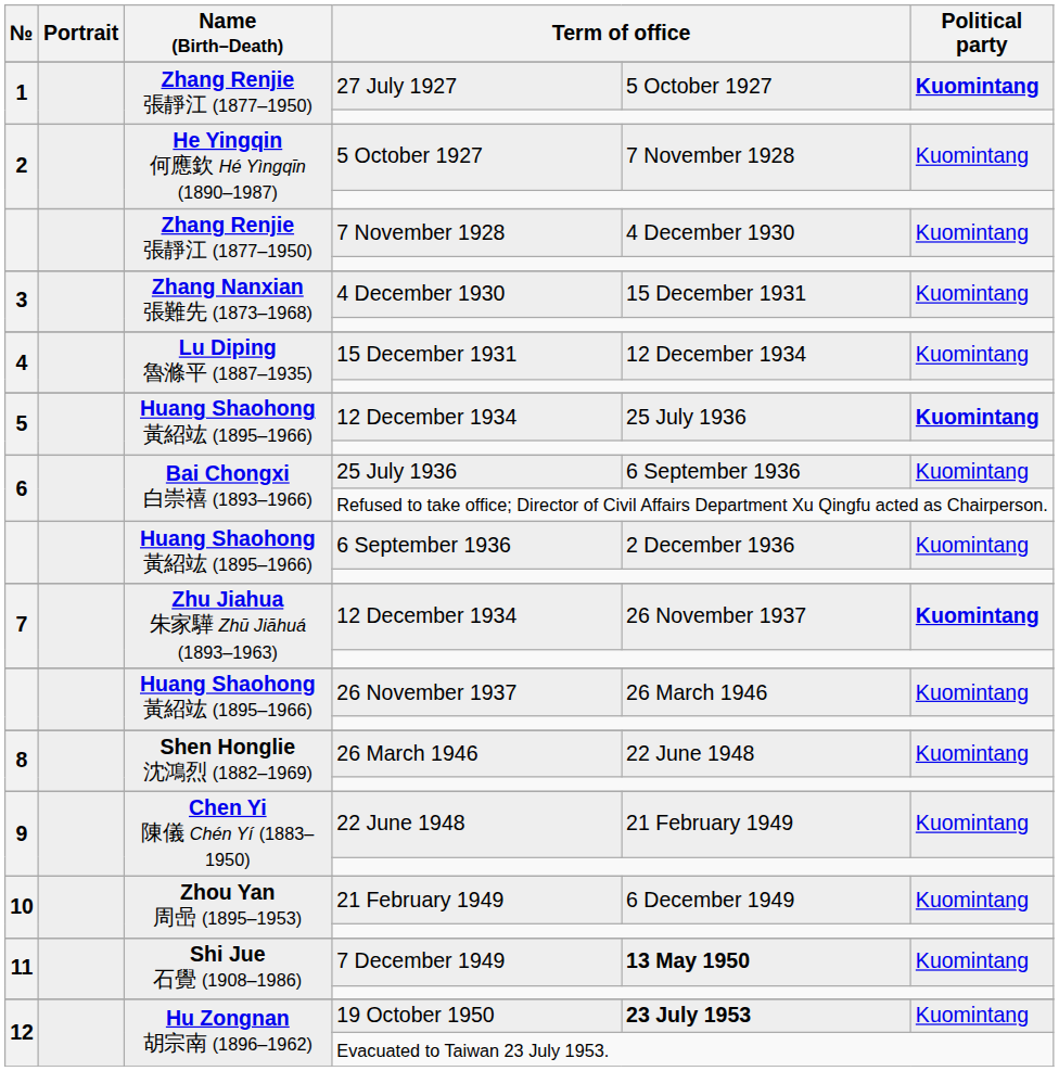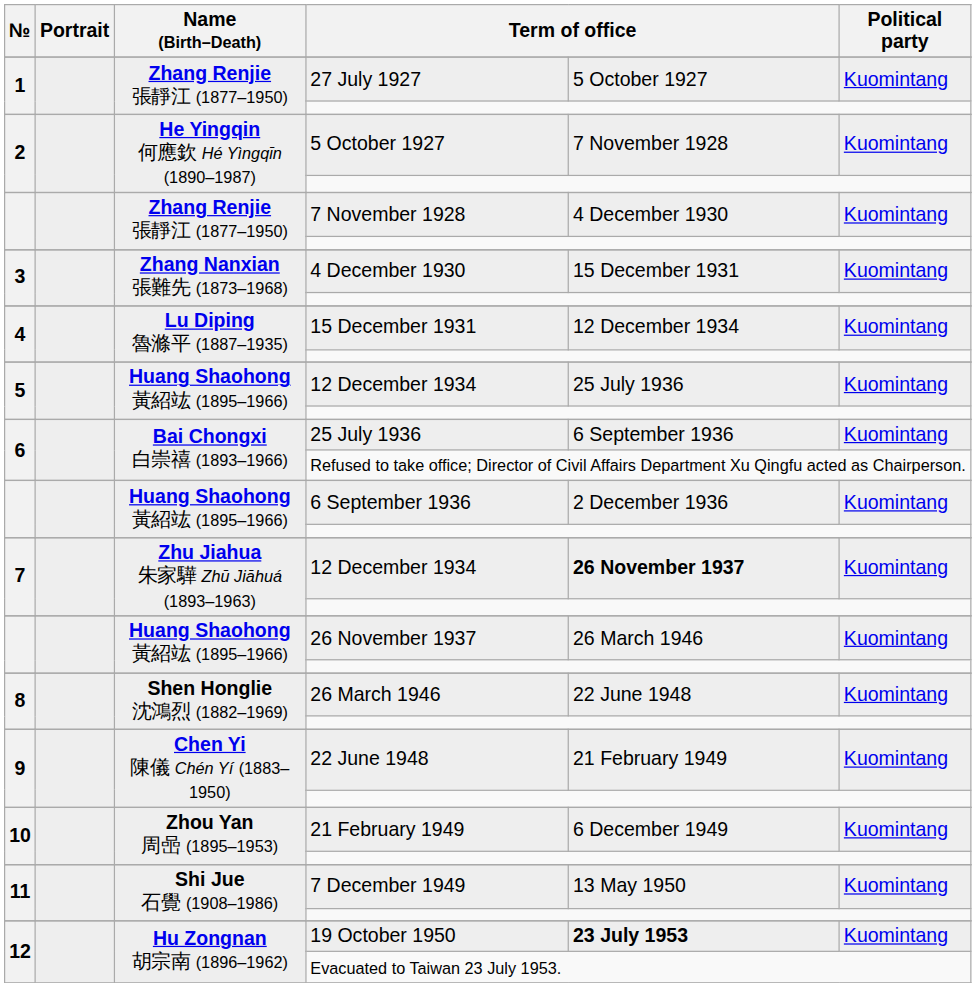 <table class="wikitable">
 <tr>
 <th>№</th>
 <th>Portrait</th>
 <th width="150px">Name<br><small>(Birth–Death)</small></th>
 <th colspan="2" width="200px">Term of office</th>
 <th width="100px">Political party</th>
 </tr>
 <tr>
 </tr>
 <tr bgcolor="#EEEEEE">
 <th rowspan="2" style="background:">1</th>
 <td rowspan="2" align="center"></td>
 <td rowspan="2" align="center"><strong><a href='#'>Zhang Renjie</a></strong><br><span>張靜江</span> <small>(1877–1950)</small></td>
 <td>27 July 1927</td>
 <td>5 October 1927</td>
-<td><strong><a href='#'>Kuomintang</a></strong></td>
+<td><a href='#'>Kuomintang</a></td>
 </tr>
 <tr>
 <td colspan="4"></td>
 </tr>
 <tr>
 </tr>
 <tr bgcolor="#EEEEEE">
 <th rowspan="2" style="background:">2</th>
 <td rowspan="2" align="center"></td>
 <td rowspan="2" align="center"><strong><a href='#'>He Yingqin</a></strong><br><span>何應欽</span> <small><em>Hé Yìngqīn</em></small> <small>(1890–1987)</small></td>
 <td>5 October 1927</td>
 <td>7 November 1928</td>
 <td><a href='#'>Kuomintang</a></td>
 </tr>
 <tr>
 <td colspan="4"></td>
 </tr>
 <tr>
 </tr>
 <tr bgcolor="#EEEEEE">
 <th rowspan="2" style="background:"></th>
 <td rowspan="2" align="center"></td>
 <td rowspan="2" align="center"><strong><a href='#'>Zhang Renjie</a></strong><br><span>張靜江</span> <small>(1877–1950)</small></td>
 <td>7 November 1928</td>
 <td>4 December 1930</td>
 <td><a href='#'>Kuomintang</a></td>
 </tr>
 <tr>
 <td colspan="4"></td>
 </tr>
 <tr>
 </tr>
 <tr bgcolor="#EEEEEE">
 <th rowspan="2" style="background:">3</th>
 <td rowspan="2" align="center"></td>
 <td rowspan="2" align="center"><strong><a href='#'>Zhang Nanxian</a></strong><br><span>張難先</span> <small>(1873–1968)</small></td>
 <td>4 December 1930</td>
 <td>15 December 1931</td>
 <td><a href='#'>Kuomintang</a></td>
 </tr>
 <tr>
 <td colspan="4"></td>
 </tr>
 <tr>
 </tr>
 <tr bgcolor="#EEEEEE">
 <th rowspan="2" style="background:">4</th>
 <td rowspan="2" align="center"></td>
 <td rowspan="2" align="center"><strong><a href='#'>Lu Diping</a></strong><br><span>魯滌平</span> <small>(1887–1935)</small></td>
 <td>15 December 1931</td>
 <td>12 December 1934</td>
 <td><a href='#'>Kuomintang</a></td>
 </tr>
 <tr>
 <td colspan="4"></td>
 </tr>
 <tr>
 </tr>
 <tr bgcolor="#EEEEEE">
 <th rowspan="2" style="background:">5</th>
 <td rowspan="2" align="center"></td>
 <td rowspan="2" align="center"><strong><a href='#'>Huang Shaohong</a></strong><br><span>黃紹竑</span> <small>(1895–1966)</small></td>
 <td>12 December 1934</td>
 <td>25 July 1936</td>
-<td><strong><a href='#'>Kuomintang</a></strong></td>
+<td><a href='#'>Kuomintang</a></td>
 </tr>
 <tr>
 <td colspan="4"></td>
 </tr>
 <tr>
 </tr>
 <tr bgcolor="#EEEEEE">
 <th rowspan="2" style="background:">6</th>
 <td rowspan="2" align="center"></td>
 <td rowspan="2" align="center"><strong><a href='#'>Bai Chongxi</a></strong><br><span>白崇禧</span> <small>(1893–1966)</small></td>
 <td>25 July 1936</td>
 <td>6 September 1936</td>
 <td><a href='#'>Kuomintang</a></td>
 </tr>
 <tr>
 <td colspan="4"><small>Refused to take office; Director of Civil Affairs Department Xu Qingfu acted as Chairperson.</small></td>
 </tr>
 <tr>
 </tr>
 <tr bgcolor="#EEEEEE">
 <th rowspan="2" style="background:"></th>
 <td rowspan="2" align="center"></td>
 <td rowspan="2" align="center"><strong><a href='#'>Huang Shaohong</a></strong><br><span>黃紹竑</span> <small>(1895–1966)</small></td>
 <td>6 September 1936</td>
 <td>2 December 1936</td>
 <td><a href='#'>Kuomintang</a></td>
 </tr>
 <tr>
 <td colspan="4"></td>
 </tr>
 <tr>
 </tr>
 <tr bgcolor="#EEEEEE">
 <th rowspan="2" style="background:">7</th>
 <td rowspan="2" align="center"></td>
 <td rowspan="2" align="center"><strong><a href='#'>Zhu Jiahua</a></strong><br><span>朱家驊</span> <small><em>Zhū Jiāhuá</em></small> <small>(1893–1963)</small></td>
 <td>12 December 1934</td>
-<td>26 November 1937</td>
-<td><strong><a href='#'>Kuomintang</a></strong></td>
+<td><strong>26 November 1937</strong></td>
+<td><a href='#'>Kuomintang</a></td>
 </tr>
 <tr>
 <td colspan="4"></td>
 </tr>
 <tr>
 </tr>
 <tr bgcolor="#EEEEEE">
 <th rowspan="2" style="background:"></th>
 <td rowspan="2" align="center"></td>
 <td rowspan="2" align="center"><strong><a href='#'>Huang Shaohong</a></strong><br><span>黃紹竑</span> <small>(1895–1966)</small></td>
 <td>26 November 1937</td>
 <td>26 March 1946</td>
 <td><a href='#'>Kuomintang</a></td>
 </tr>
 <tr>
 <td colspan="4"></td>
 </tr>
 <tr>
 </tr>
 <tr bgcolor="#EEEEEE">
 <th rowspan="2" style="background:">8</th>
 <td rowspan="2" align="center"></td>
 <td rowspan="2" align="center"><strong>Shen Honglie</strong><br><span>沈鴻烈</span> <small>(1882–1969)</small></td>
 <td>26 March 1946</td>
 <td>22 June 1948</td>
 <td><a href='#'>Kuomintang</a></td>
 </tr>
 <tr>
 <td colspan="4"></td>
 </tr>
 <tr>
 </tr>
 <tr bgcolor="#EEEEEE">
 <th rowspan="2" style="background:">9</th>
 <td rowspan="2" align="center"></td>
 <td rowspan="2" align="center"><strong><a href='#'>Chen Yi</a></strong><br><span>陳儀</span> <small><em>Chén Yí</em></small> <small>(1883–1950)</small></td>
 <td>22 June 1948</td>
 <td>21 February 1949</td>
 <td><a href='#'>Kuomintang</a></td>
 </tr>
 <tr>
 <td colspan="4"></td>
 </tr>
 <tr>
 </tr>
 <tr bgcolor="#EEEEEE">
 <th rowspan="2" style="background:">10</th>
 <td rowspan="2" align="center"></td>
 <td rowspan="2" align="center"><strong>Zhou Yan</strong><br><span>周喦</span> <small>(1895–1953)</small></td>
 <td>21 February 1949</td>
 <td>6 December 1949</td>
 <td><a href='#'>Kuomintang</a></td>
 </tr>
 <tr>
 <td colspan="4"></td>
 </tr>
 <tr>
 </tr>
 <tr bgcolor="#EEEEEE">
 <th rowspan="2" style="background:">11</th>
 <td rowspan="2" align="center"></td>
 <td rowspan="2" align="center"><strong>Shi Jue</strong><br><span>石覺</span> <small>(1908–1986)</small></td>
 <td>7 December 1949</td>
-<td><strong>13 May 1950</strong></td>
+<td>13 May 1950</td>
 <td><a href='#'>Kuomintang</a></td>
 </tr>
 <tr>
 <td colspan="4"></td>
 </tr>
 <tr>
 </tr>
 <tr bgcolor="#EEEEEE">
 <th rowspan="2" style="background:">12</th>
 <td rowspan="2" align="center"></td>
 <td rowspan="2" align="center"><strong><a href='#'>Hu Zongnan</a></strong><br><span>胡宗南</span> <small>(1896–1962)</small></td>
 <td>19 October 1950</td>
 <td><strong>23 July 1953</strong></td>
 <td><a href='#'>Kuomintang</a></td>
 </tr>
 <tr>
 <td colspan="4"><small>Evacuated to Taiwan 23 July 1953.</small></td>
 </tr>
 <tr>
 </tr>
 </table>
